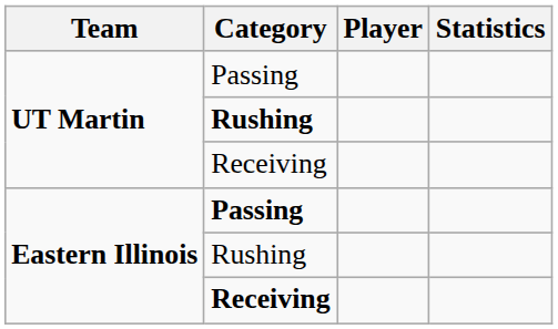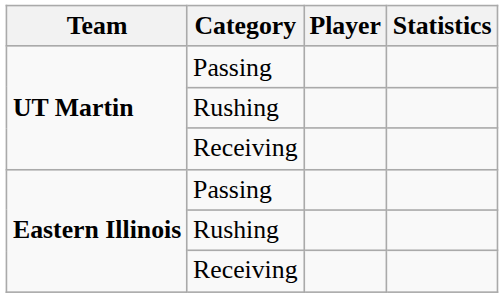 <table class="wikitable" style="float: right;">
 <tr>
 <th>Team</th>
 <th>Category</th>
 <th>Player</th>
 <th>Statistics</th>
 </tr>
 <tr>
 <td rowspan=3><strong>UT Martin</strong></td>
 <td>Passing</td>
 <td></td>
 <td></td>
 </tr>
 <tr>
-<td><strong>Rushing</strong></td>
+<td>Rushing</td>
 <td></td>
 <td></td>
 </tr>
 <tr>
 <td>Receiving</td>
 <td></td>
 <td></td>
 </tr>
 <tr>
 <td rowspan=3><strong>Eastern Illinois</strong></td>
-<td><strong>Passing</strong></td>
+<td>Passing</td>
 <td></td>
 <td></td>
 </tr>
 <tr>
 <td>Rushing</td>
 <td></td>
 <td></td>
 </tr>
 <tr>
-<td><strong>Receiving</strong></td>
+<td>Receiving</td>
 <td></td>
 <td></td>
 </tr>
 </table>
